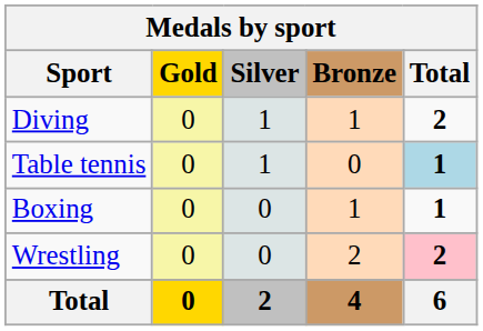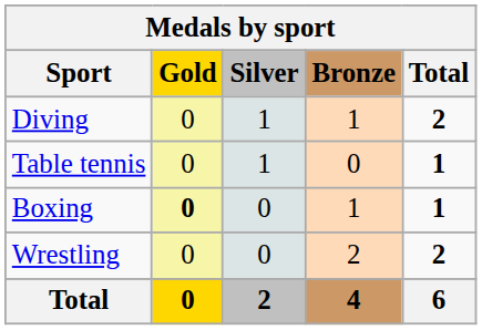 <table class="wikitable sortable collapsible"style="font-size:85%; text-align:center;">
 <tr style="background:#efefef;">
 <th colspan=5>Medals by sport</th>
 </tr>
 <tr>
 <th>Sport</th>
 <th style="background-color:gold;">Gold</th>
 <th style="background-color:silver;">Silver</th>
 <th style="background-color:#c96;">Bronze</th>
 <th>Total</th>
 </tr>
 <tr>
 <td align=left><a href='#'>Diving</a></td>
 <td style="background:#F7F6A8;">0</td>
 <td style="background:#DCE5E5;">1</td>
 <td style="background:#FFDAB9;">1</td>
 <td><strong>2</strong></td>
 </tr>
 <tr>
 <td align=left><a href='#'>Table tennis</a></td>
 <td style="background:#F7F6A8;">0</td>
 <td style="background:#DCE5E5;">1</td>
 <td style="background:#FFDAB9;">0</td>
-<td style="background: lightblue;"><strong>1</strong></td>
+<td><strong>1</strong></td>
 </tr>
 <tr>
 <td align=left><a href='#'>Boxing</a></td>
-<td style="background:#F7F6A8;">0</td>
+<td style="background:#F7F6A8;"><strong>0</strong></td>
 <td style="background:#DCE5E5;">0</td>
 <td style="background:#FFDAB9;">1</td>
 <td><strong>1</strong></td>
 </tr>
 <tr>
 <td align=left><a href='#'>Wrestling</a></td>
 <td style="background:#F7F6A8;">0</td>
 <td style="background:#DCE5E5;">0</td>
 <td style="background:#FFDAB9;">2</td>
-<td style="background: pink;"><strong>2</strong></td>
+<td><strong>2</strong></td>
 </tr>
 <tr>
 <th>Total</th>
 <th style="background:gold;">0</th>
 <th style="background:silver;">2</th>
 <th style="background:#c96;">4</th>
 <th>6</th>
 </tr>
 </table>
